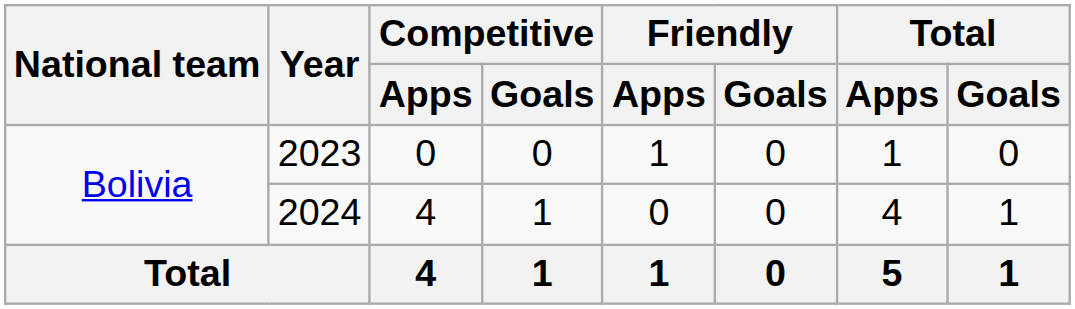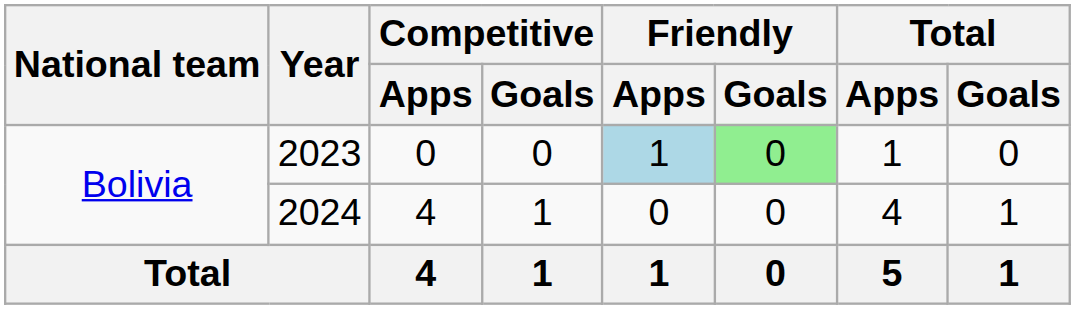 <table class="wikitable" style="text-align:center">
 <tr>
 <th rowspan="2">National team</th>
 <th rowspan="2">Year</th>
 <th colspan="2">Competitive</th>
 <th colspan="2">Friendly</th>
 <th colspan="2">Total</th>
 </tr>
 <tr>
 <th>Apps</th>
 <th>Goals</th>
 <th>Apps</th>
 <th>Goals</th>
 <th>Apps</th>
 <th>Goals</th>
 </tr>
 <tr>
 <td rowspan="2"><a href='#'>Bolivia</a></td>
 <td>2023</td>
 <td>0</td>
 <td>0</td>
-<td>1</td>
-<td>0</td>
+<td style="background: lightblue;">1</td>
+<td style="background: lightgreen;">0</td>
 <td>1</td>
 <td>0</td>
 </tr>
 <tr>
 <td>2024</td>
 <td>4</td>
 <td>1</td>
 <td>0</td>
 <td>0</td>
 <td>4</td>
 <td>1</td>
 </tr>
 <tr>
 <th colspan="2">Total</th>
 <th>4</th>
 <th>1</th>
 <th>1</th>
 <th>0</th>
 <th>5</th>
 <th>1</th>
 </tr>
 </table>
